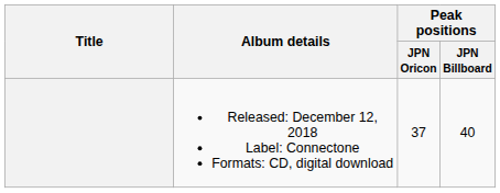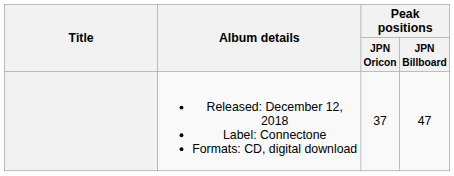 <table class="wikitable plainrowheaders" style="text-align:center;">
 <tr>
 <th style="width:12em;" rowspan="2">Title</th>
 <th style="width:16em;" rowspan="2">Album details</th>
 <th colspan="2">Peak positions</th>
 </tr>
 <tr>
 <th style="width:2.5em;"><small>JPN<br>Oricon</small><br></th>
 <th style="width:2.5em;"><small>JPN<br>Billboard</small><br></th>
 </tr>
 <tr>
 <th scope="row"></th>
 <td><br><ul><li>Released: December 12, 2018</li><li>Label: Connectone</li><li>Formats: CD, digital download</li></ul></td>
 <td>37</td>
-<td>40</td>
+<td>47</td>
 </tr>
 </table>
